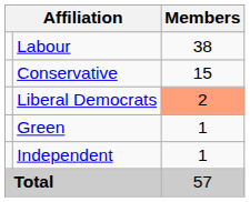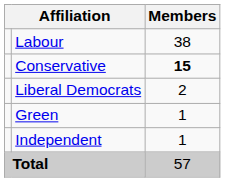 <table class="wikitable">
 <tr>
 <th colspan="2">Affiliation</th>
 <th>Members</th>
 </tr>
 <tr>
 <td style="color:inherit;background:"></td>
 <td><a href='#'>Labour</a></td>
 <td style="text-align:center;">38</td>
 </tr>
 <tr>
 <td style="color:inherit;background:"></td>
 <td><a href='#'>Conservative</a></td>
-<td style="text-align:center;">15</td>
+<td style="text-align:center;"><strong>15</strong></td>
 </tr>
 <tr>
 <td style="color:inherit;background:"></td>
 <td><a href='#'>Liberal Democrats</a></td>
-<td style="background: lightsalmon; text-align:center;">2</td>
+<td style="text-align:center;">2</td>
 </tr>
 <tr>
 <td style="color:inherit;background:"></td>
 <td><a href='#'>Green</a></td>
 <td style="text-align:center;">1</td>
 </tr>
 <tr>
 <td style="color:inherit;background:"></td>
 <td><a href='#'>Independent</a></td>
 <td style="text-align:center;">1</td>
 </tr>
 <tr style="background:#ccc;">
 <td colspan="2"> <strong>Total</strong></td>
 <td style="text-align:center;">57</td>
 </tr>
 </table>
